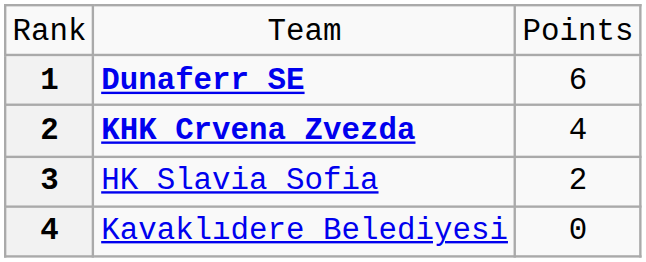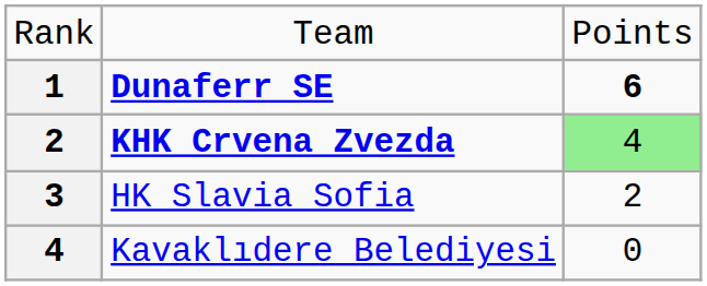 <table class="wikitable" style="text-align: center;">
 <tr>
 <td>Rank</td>
 <td>Team</td>
 <td>Points</td>
 </tr>
 <tr>
 <th>1</th>
 <td style="text-align: left;"> <strong><a href='#'>Dunaferr SE</a></strong></td>
-<td>6</td>
+<td><strong>6</strong></td>
 </tr>
 <tr>
 <th>2</th>
 <td style="text-align: left;"> <strong><a href='#'>KHK Crvena Zvezda</a></strong></td>
-<td>4</td>
+<td style="background: lightgreen;">4</td>
 </tr>
 <tr>
 <th>3</th>
 <td style="text-align: left;"> <a href='#'>HK Slavia Sofia</a></td>
 <td>2</td>
 </tr>
 <tr>
 <th>4</th>
 <td style="text-align: left;"> <a href='#'>Kavaklıdere Belediyesi</a></td>
 <td>0</td>
 </tr>
 </table>
